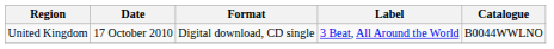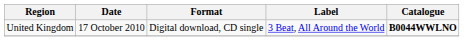 <table class=wikitable>
 <tr>
 <th>Region</th>
 <th>Date</th>
 <th>Format</th>
 <th>Label</th>
 <th>Catalogue</th>
 </tr>
 <tr>
 <td>United Kingdom</td>
 <td>17 October 2010</td>
 <td>Digital download, CD single</td>
 <td><a href='#'>3 Beat</a>, <a href='#'>All Around the World</a></td>
-<td>B0044WWLNO</td>
+<td><strong>B0044WWLNO</strong></td>
 </tr>
 <tr>
 </tr>
 </table>
